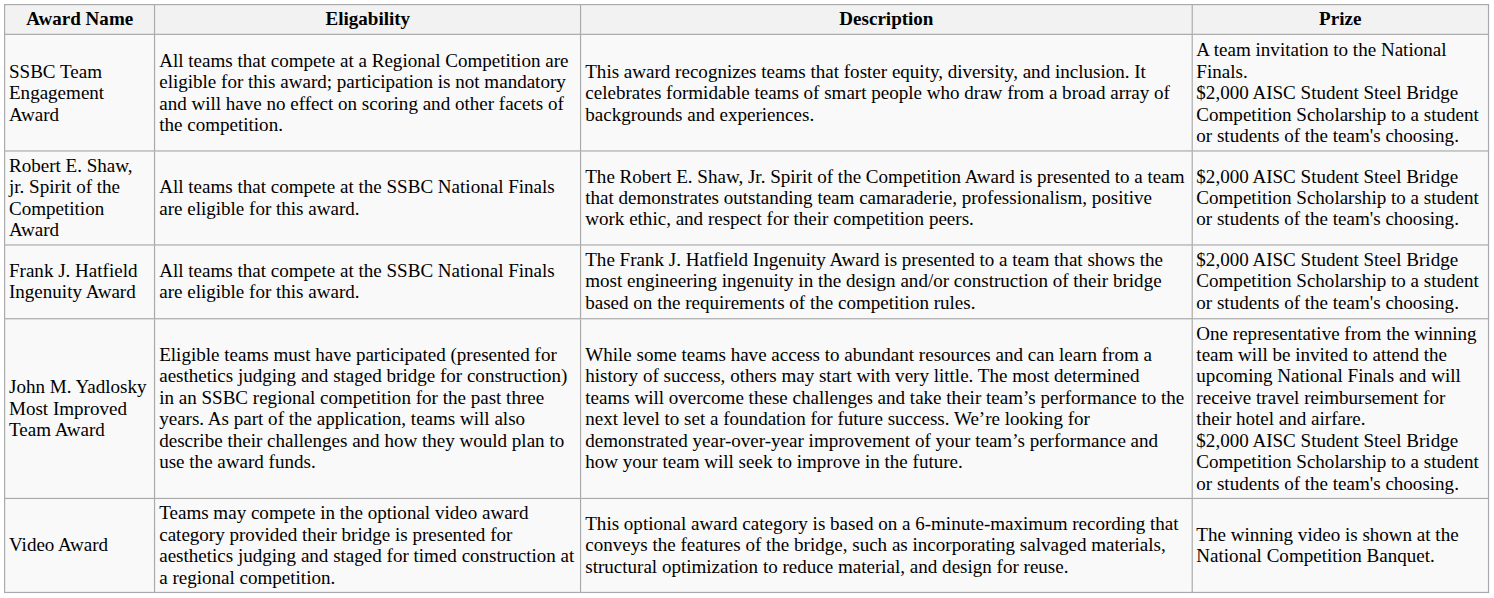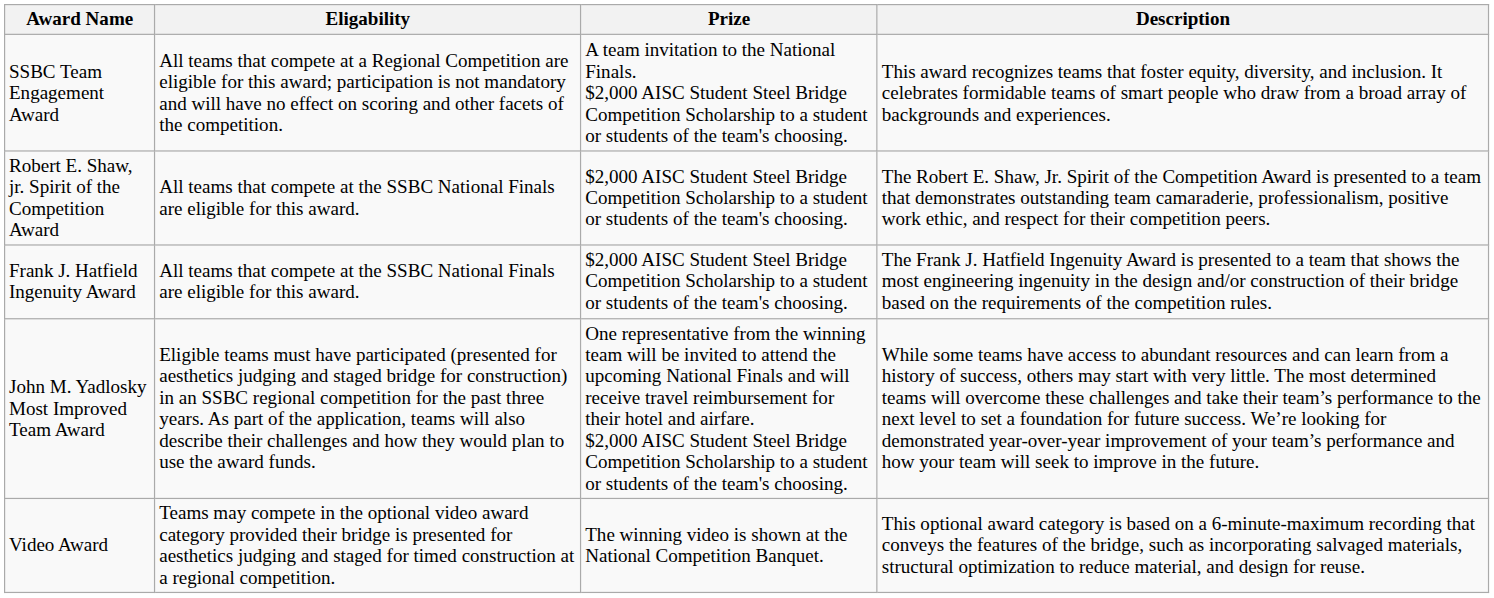 <table class="wikitable">
 <tr>
 <th>Award Name</th>
 <th>Eligability</th>
+<th>Prize</th>
 <th>Description</th>
-<th>Prize</th>
 </tr>
 <tr>
 <td>SSBC Team Engagement Award</td>
 <td>All teams that compete at a Regional Competition are eligible for this award; participation is not mandatory and will have no effect on scoring and other facets of the competition.</td>
+<td>A team invitation to the National Finals.<br>$2,000 AISC Student Steel Bridge Competition Scholarship to a student or students of the team's choosing.</td>
 <td>This award recognizes teams that foster equity, diversity, and inclusion. It celebrates formidable teams of smart people who draw from a broad array of backgrounds and experiences.</td>
-<td>A team invitation to the National Finals.<br>$2,000 AISC Student Steel Bridge Competition Scholarship to a student or students of the team's choosing.</td>
 </tr>
 <tr>
 <td>Robert E. Shaw, jr. Spirit of the Competition Award</td>
 <td>All teams that compete at the SSBC National Finals are eligible for this award.</td>
+<td>$2,000 AISC Student Steel Bridge Competition Scholarship to a student or students of the team's choosing.</td>
 <td>The Robert E. Shaw, Jr. Spirit of the Competition Award is presented to a ​team​ that demonstrates outstanding ​team​ camaraderie, professionalism, positive work ethic, and respect for their competition peers.</td>
-<td>$2,000 AISC Student Steel Bridge Competition Scholarship to a student or students of the team's choosing.</td>
 </tr>
 <tr>
 <td>Frank J. Hatfield Ingenuity Award</td>
 <td>All teams that compete at the SSBC National Finals are eligible for this award.</td>
+<td>$2,000 AISC Student Steel Bridge Competition Scholarship to a student or students of the team's choosing.</td>
 <td>The Frank J. Hatfield Ingenuity Award is presented to a ​team​ that shows the most engineering ingenuity in the design and/or construction of their ​bridge​ based on the requirements of the competition rules.</td>
-<td>$2,000 AISC Student Steel Bridge Competition Scholarship to a student or students of the team's choosing.</td>
 </tr>
 <tr>
 <td>John M. Yadlosky Most Improved Team Award</td>
 <td>Eligible teams must have participated (presented for aesthetics judging and staged bridge for construction) in an SSBC regional competition for the past three years. As part of the application, teams will also describe their challenges and how they would plan to use the award funds.</td>
+<td>One representative from the winning team will be invited to attend the upcoming National Finals and will receive travel reimbursement for their hotel and airfare.<br>$2,000 AISC Student Steel Bridge Competition Scholarship to a student or students of the team's choosing.</td>
 <td>While some teams have access to abundant resources and can learn from a history of success, others may start with very little. The most determined teams will overcome these challenges and take their team’s performance to the next level to set a foundation for future success. We’re looking for demonstrated year-over-year improvement of your team’s performance and how your team will seek to improve in the future.</td>
-<td>One representative from the winning team will be invited to attend the upcoming National Finals and will receive travel reimbursement for their hotel and airfare.<br>$2,000 AISC Student Steel Bridge Competition Scholarship to a student or students of the team's choosing.</td>
 </tr>
 <tr>
 <td>Video Award</td>
 <td>Teams may compete in the optional video award category provided their bridge is presented for aesthetics judging and staged for timed construction at a regional competition.</td>
+<td>The winning video is shown at the National Competition Banquet.</td>
 <td>This optional award category is based on a 6-minute-maximum recording that conveys the features of the bridge, such as incorporating salvaged materials, structural optimization to reduce material, and design for reuse.</td>
-<td>The winning video is shown at the National Competition Banquet.</td>
 </tr>
 </table>
